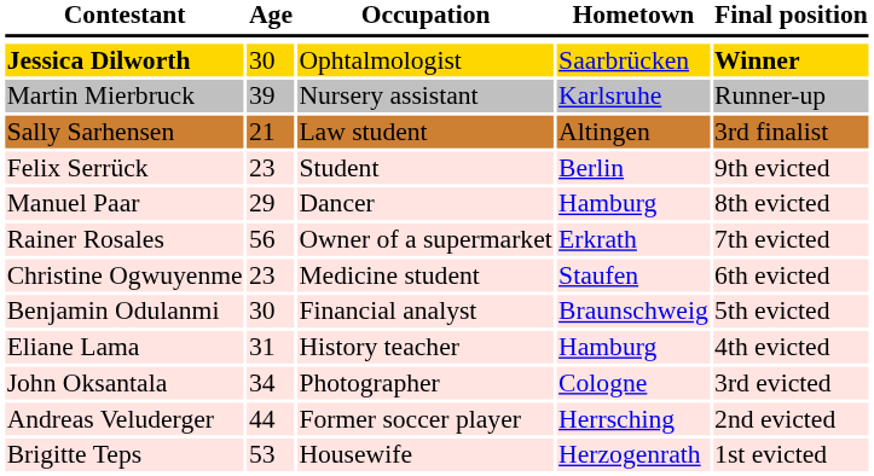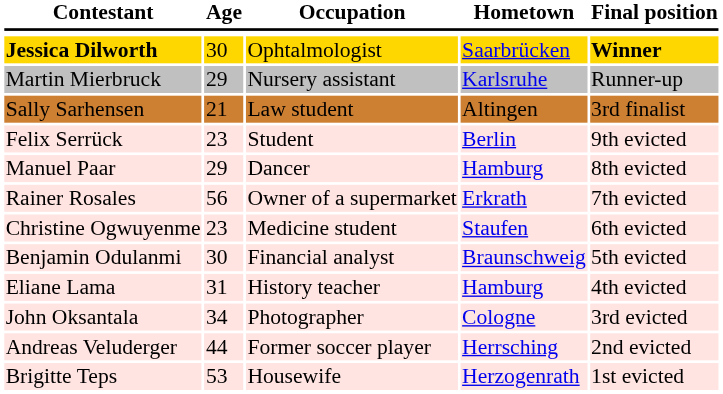 <table class="center" style="background;padding:0.5em 1.0em;">
 <tr>
 <th>Contestant</th>
 <th>Age</th>
 <th>Occupation</th>
 <th>Hometown</th>
 <th>Final position</th>
 </tr>
 <tr>
 <td colspan=5 style="background:black;"></td>
 </tr>
 <tr>
 </tr>
 <tr style="background:Gold">
 <td align="left"><strong>Jessica Dilworth</strong></td>
 <td>30</td>
 <td>Ophtalmologist</td>
 <td><a href='#'>Saarbrücken</a></td>
 <td><strong>Winner</strong></td>
 </tr>
 <tr style="background:Silver">
 <td align="left">Martin Mierbruck</td>
-<td>39</td>
+<td>29</td>
 <td>Nursery assistant</td>
 <td><a href='#'>Karlsruhe</a></td>
 <td>Runner-up</td>
 </tr>
 <tr style="background:#cd7f32">
 <td align="left">Sally Sarhensen</td>
 <td>21</td>
 <td>Law student</td>
 <td>Altingen</td>
 <td>3rd finalist</td>
 </tr>
 <tr style="background:Mistyrose">
 <td align="left">Felix Serrück</td>
 <td>23</td>
 <td>Student</td>
 <td><a href='#'>Berlin</a></td>
 <td>9th evicted</td>
 </tr>
 <tr style="background:MistyRose">
 <td align="left">Manuel Paar</td>
 <td>29</td>
 <td>Dancer</td>
 <td><a href='#'>Hamburg</a></td>
 <td>8th evicted</td>
 </tr>
 <tr style="background:MistyRose">
 <td align="left">Rainer Rosales</td>
 <td>56</td>
 <td>Owner of a supermarket</td>
 <td><a href='#'>Erkrath</a></td>
 <td>7th evicted</td>
 </tr>
 <tr style="background:MistyRose">
 <td align="left">Christine Ogwuyenme</td>
 <td>23</td>
 <td>Medicine student</td>
 <td><a href='#'>Staufen</a></td>
 <td>6th evicted</td>
 </tr>
 <tr style="background:MistyRose">
 <td align="left">Benjamin Odulanmi</td>
 <td>30</td>
 <td>Financial analyst</td>
 <td><a href='#'>Braunschweig</a></td>
 <td>5th evicted</td>
 </tr>
 <tr style="background:MistyRose">
 <td align="left">Eliane Lama</td>
 <td>31</td>
 <td>History teacher</td>
 <td><a href='#'>Hamburg</a></td>
 <td>4th evicted</td>
 </tr>
 <tr style="background:MistyRose">
 <td align="left">John Oksantala</td>
 <td>34</td>
 <td>Photographer</td>
 <td><a href='#'>Cologne</a></td>
 <td>3rd evicted</td>
 </tr>
 <tr style="background:MistyRose">
 <td align="left">Andreas Veluderger</td>
 <td>44</td>
 <td>Former soccer player</td>
 <td><a href='#'>Herrsching</a></td>
 <td>2nd evicted</td>
 </tr>
 <tr style="background:MistyRose">
 <td align="left">Brigitte Teps</td>
 <td>53</td>
 <td>Housewife</td>
 <td><a href='#'>Herzogenrath</a></td>
 <td>1st evicted</td>
 </tr>
 </table>
